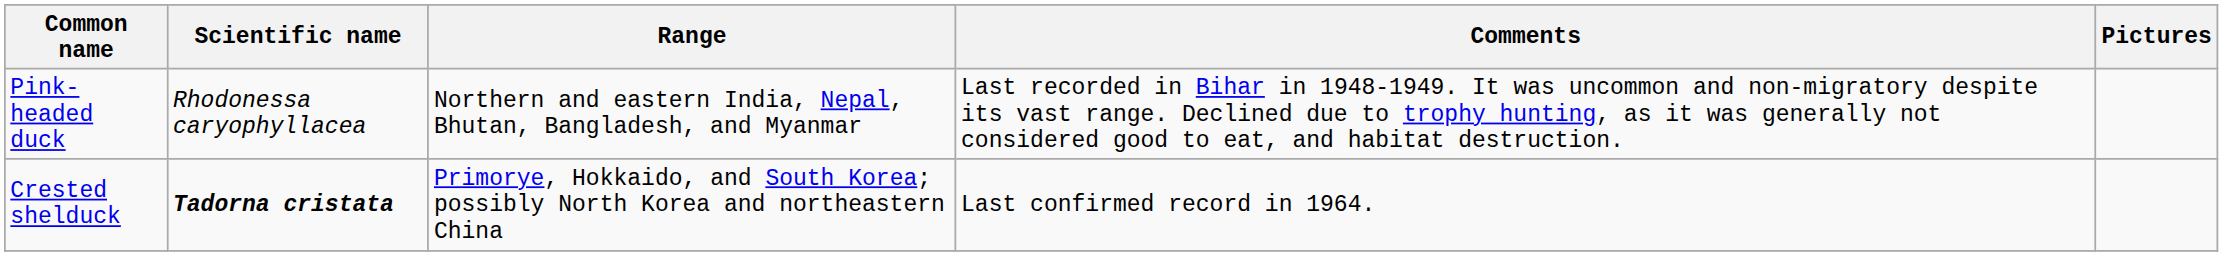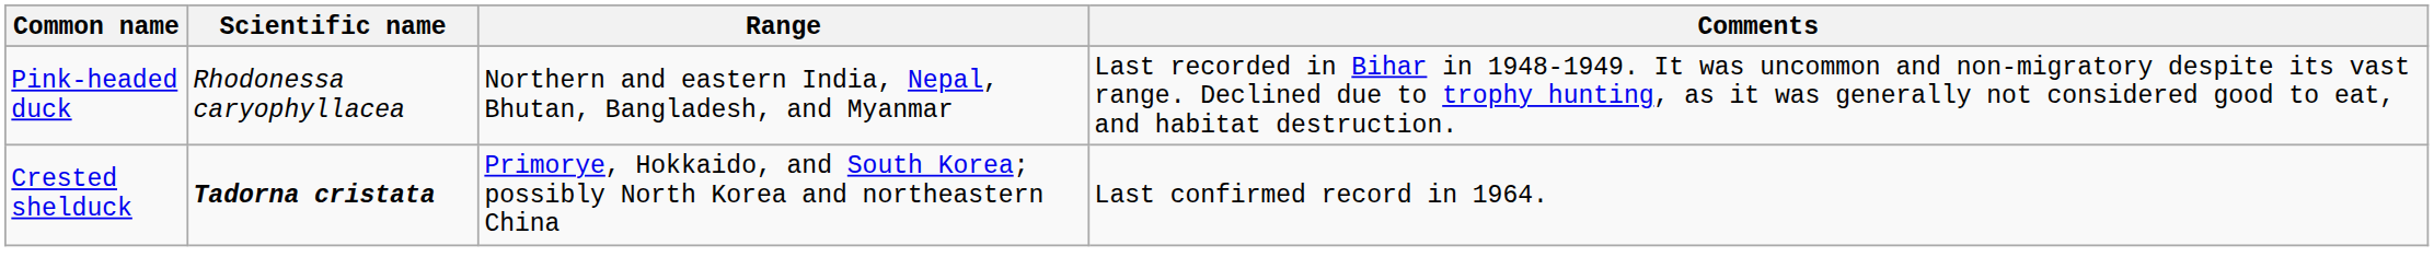 <table class="wikitable">
 <tr>
 <th>Common name</th>
 <th>Scientific name</th>
 <th>Range</th>
 <th class="unsortable">Comments</th>
-<th class="unsortable">Pictures</th>
 </tr>
 <tr>
 <td><a href='#'>Pink-headed duck</a></td>
 <td><em>Rhodonessa caryophyllacea</em></td>
 <td>Northern and eastern India, <a href='#'>Nepal</a>, Bhutan, Bangladesh, and Myanmar</td>
 <td>Last recorded in <a href='#'>Bihar</a> in 1948-1949. It was uncommon and non-migratory despite its vast range. Declined due to <a href='#'>trophy hunting</a>, as it was generally not considered good to eat, and habitat destruction.</td>
-<td></td>
 </tr>
 <tr>
 <td><a href='#'>Crested shelduck</a></td>
 <td><strong><em>Tadorna cristata</em></strong></td>
 <td><a href='#'>Primorye</a>, Hokkaido, and <a href='#'>South Korea</a>; possibly North Korea and northeastern China</td>
 <td>Last confirmed record in 1964.</td>
-<td></td>
 </tr>
 </table>
